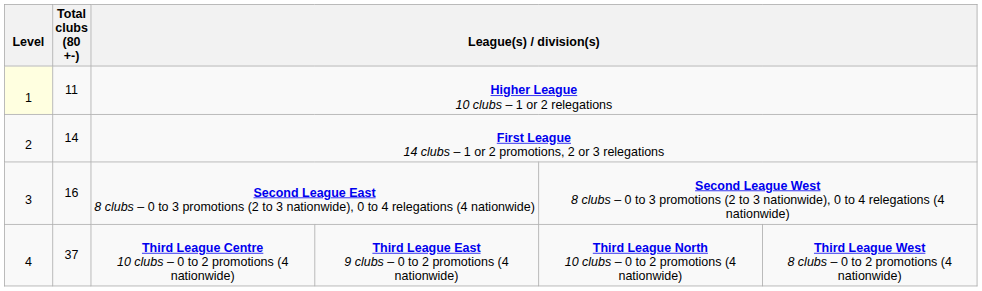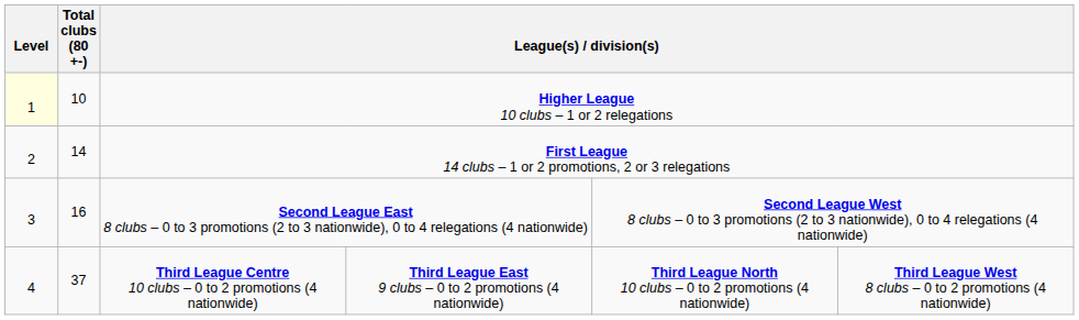 <table class="wikitable" style="text-align: center;">
 <tr>
 <th width=5%><br>Level</th>
 <th>Total clubs (80 +-)</th>
 <th colspan="32" width=95%><br>League(s) / division(s)</th>
 </tr>
 <tr>
 <td style="background: lightyellow;"><br>1</td>
-<td>11</td>
+<td>10</td>
 <td colspan="32"><br><strong><a href='#'>Higher League</a></strong><br> <em>10 clubs</em> – 1 or 2 relegations</td>
 </tr>
 <tr>
 <td><br>2</td>
 <td>14</td>
 <td colspan="32"><br><strong><a href='#'>First League</a></strong><br> <em>14 clubs</em> – 1 or 2 promotions, 2 or 3 relegations</td>
 </tr>
 <tr>
 <td><br>3</td>
 <td>16</td>
 <td colspan="16"><br><strong><a href='#'>Second League East</a></strong><br> <em>8 clubs</em> – 0 to 3 promotions (2 to 3 nationwide), 0 to 4 relegations (4 nationwide)</td>
 <td colspan="16"><br><strong><a href='#'>Second League West</a></strong><br> <em>8 clubs</em> – 0 to 3 promotions (2 to 3 nationwide), 0 to 4 relegations (4 nationwide)</td>
 </tr>
 <tr>
 <td><br>4</td>
 <td>37</td>
 <td colspan="8" width=24%><br><strong><a href='#'>Third League Centre</a></strong><br> <em>10 clubs</em> – 0 to 2 promotions (4 nationwide)</td>
 <td colspan="8" width=24%><br><strong><a href='#'>Third League East</a></strong><br> <em>9 clubs</em> – 0 to 2 promotions (4 nationwide)</td>
 <td colspan="8" width=24%><br><strong><a href='#'>Third League North</a></strong><br> <em>10 clubs</em> – 0 to 2 promotions (4 nationwide)</td>
 <td colspan="8" width=24%><br><strong><a href='#'>Third League West</a></strong><br> <em>8 clubs</em> – 0 to 2 promotions (4 nationwide)</td>
 </tr>
 </table>
